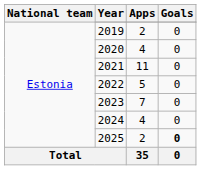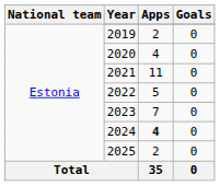 <table class="wikitable" style="text-align:center">
 <tr>
 <th>National team</th>
 <th>Year</th>
 <th>Apps</th>
 <th>Goals</th>
 </tr>
 <tr>
 <td rowspan=8><a href='#'>Estonia</a></td>
 </tr>
 <tr>
 <td>2019</td>
 <td>2</td>
 <td>0</td>
 </tr>
 <tr>
 <td>2020</td>
 <td>4</td>
 <td>0</td>
 </tr>
 <tr>
 <td>2021</td>
 <td>11</td>
 <td>0</td>
 </tr>
 <tr>
 <td>2022</td>
 <td>5</td>
 <td>0</td>
 </tr>
 <tr>
 <td>2023</td>
 <td>7</td>
 <td>0</td>
 </tr>
 <tr>
 <td>2024</td>
-<td>4</td>
+<td><strong>4</strong></td>
 <td>0</td>
 </tr>
 <tr>
 <td>2025</td>
 <td>2</td>
-<td><strong>0</strong></td>
+<td>0</td>
 </tr>
 <tr>
 <th colspan="2">Total</th>
 <th>35</th>
 <th>0</th>
 </tr>
 </table>
